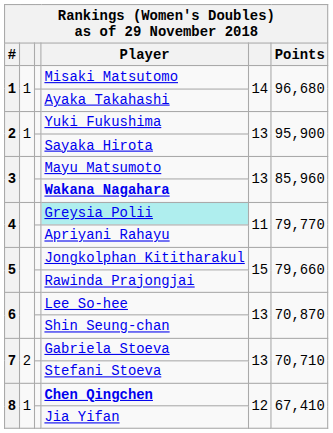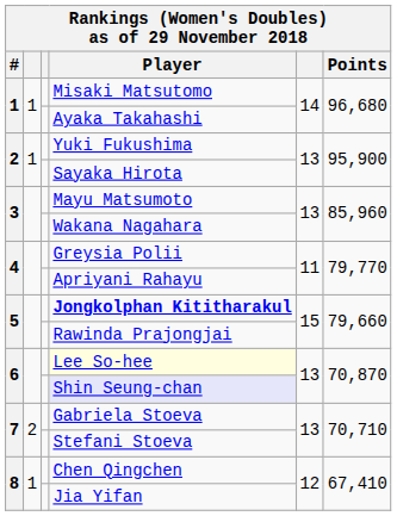 <table class="sortable wikitable">
 <tr>
 <th colspan="6">Rankings (Women's Doubles)<br>as of 29 November 2018</th>
 </tr>
 <tr>
 <th>#</th>
 <th></th>
 <th></th>
 <th>Player</th>
 <th></th>
 <th>Points</th>
 </tr>
 <tr>
 <th rowspan="2">1</th>
 <td rowspan="2" align="center"> 1</td>
 <td></td>
 <td><a href='#'>Misaki Matsutomo</a></td>
 <td align="center" rowspan="2">14</td>
 <td rowspan="2">96,680</td>
 </tr>
 <tr>
 <td></td>
 <td><a href='#'>Ayaka Takahashi</a></td>
 </tr>
 <tr>
 <th rowspan="2">2</th>
 <td rowspan="2" align="center"> 1</td>
 <td></td>
 <td><a href='#'>Yuki Fukushima</a></td>
 <td align="center" rowspan="2">13</td>
 <td rowspan="2">95,900</td>
 </tr>
 <tr>
 <td></td>
 <td><a href='#'>Sayaka Hirota</a></td>
 </tr>
 <tr>
 <th rowspan="2">3</th>
 <td rowspan="2" align="center"></td>
 <td></td>
 <td><a href='#'>Mayu Matsumoto</a></td>
 <td align="center" rowspan="2">13</td>
 <td rowspan="2">85,960</td>
 </tr>
 <tr>
 <td></td>
-<td><strong><a href='#'>Wakana Nagahara</a></strong></td>
+<td><a href='#'>Wakana Nagahara</a></td>
 </tr>
 <tr>
 <th rowspan="2">4</th>
 <td rowspan="2" align="center"></td>
 <td></td>
-<td style="background: paleturquoise;"><a href='#'>Greysia Polii</a></td>
+<td><a href='#'>Greysia Polii</a></td>
 <td align="center" rowspan="2">11</td>
 <td rowspan="2">79,770</td>
 </tr>
 <tr>
 <td></td>
 <td><a href='#'>Apriyani Rahayu</a></td>
 </tr>
 <tr>
 <th rowspan="2">5</th>
 <td rowspan="2" align="center"></td>
 <td></td>
-<td><a href='#'>Jongkolphan Kititharakul</a></td>
+<td><strong><a href='#'>Jongkolphan Kititharakul</a></strong></td>
 <td align="center" rowspan="2">15</td>
 <td rowspan="2">79,660</td>
 </tr>
 <tr>
 <td></td>
 <td><a href='#'>Rawinda Prajongjai</a></td>
 </tr>
 <tr>
 <th rowspan="2">6</th>
 <td rowspan="2" align="center"></td>
 <td></td>
-<td><a href='#'>Lee So-hee</a></td>
+<td style="background: lightyellow;"><a href='#'>Lee So-hee</a></td>
 <td align="center" rowspan="2">13</td>
 <td rowspan="2">70,870</td>
 </tr>
 <tr>
 <td></td>
-<td><a href='#'>Shin Seung-chan</a></td>
+<td style="background: lavender;"><a href='#'>Shin Seung-chan</a></td>
 </tr>
 <tr>
 <th rowspan="2">7</th>
 <td rowspan="2" align="center"> 2</td>
 <td></td>
 <td><a href='#'>Gabriela Stoeva</a></td>
 <td align="center" rowspan="2">13</td>
 <td rowspan="2">70,710</td>
 </tr>
 <tr>
 <td></td>
 <td><a href='#'>Stefani Stoeva</a></td>
 </tr>
 <tr>
 <th rowspan="2">8</th>
 <td rowspan="2" align="center"> 1</td>
 <td></td>
-<td><strong><a href='#'>Chen Qingchen</a></strong></td>
+<td><a href='#'>Chen Qingchen</a></td>
 <td align="center" rowspan="2">12</td>
 <td rowspan="2">67,410</td>
 </tr>
 <tr>
 <td></td>
 <td><a href='#'>Jia Yifan</a></td>
 </tr>
 </table>
